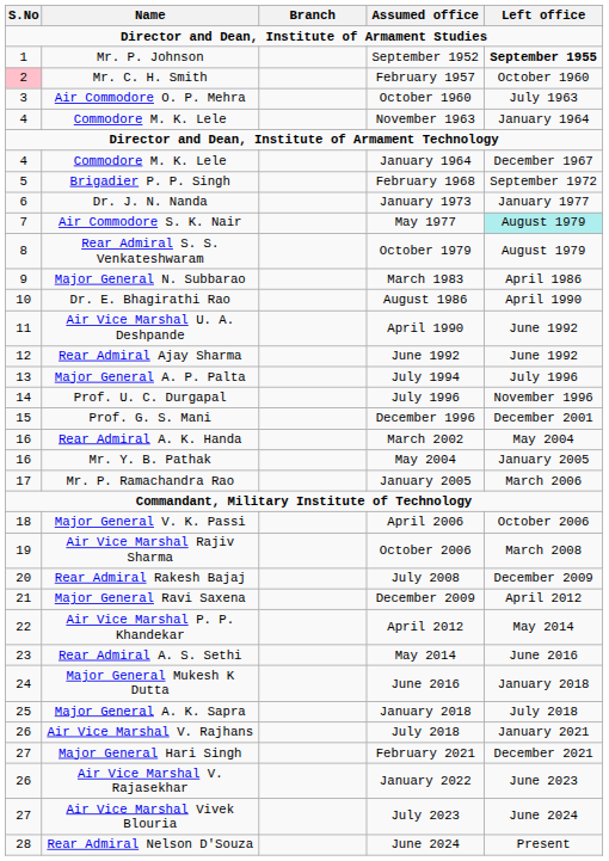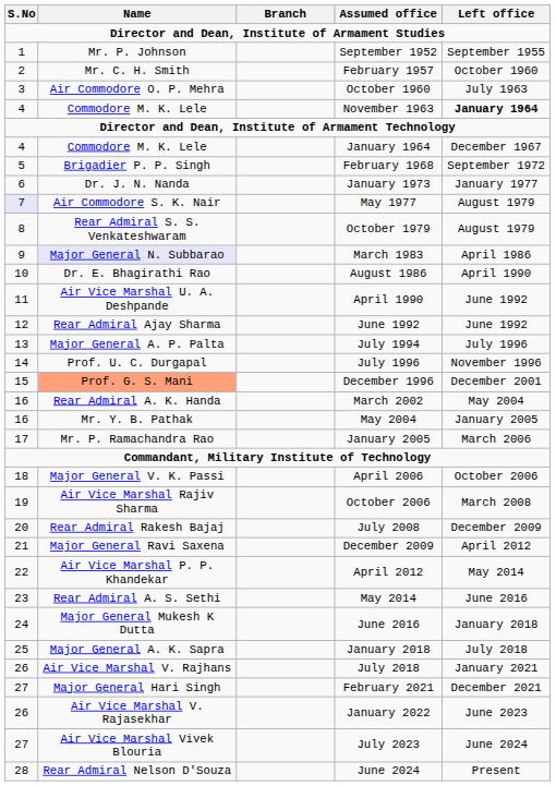 <table class="wikitable sortable" style="text-align:center">
 <tr style="background:#cccccc">
 <th scope="col" style="width: 20px;">S.No</th>
 <th scope="col" style="width: 300px;">Name</th>
 <th scope="col" style="width: 150px;">Branch</th>
 <th scope="col" style="width: 150px;">Assumed office</th>
 <th scope="col" style="width: 150px;">Left office</th>
 </tr>
 <tr>
 <td colspan="6"><strong>Director and Dean, Institute of Armament Studies</strong></td>
 </tr>
 <tr>
 <td>1</td>
 <td>Mr. P. Johnson </td>
 <td></td>
 <td>September 1952</td>
-<td><strong>September 1955</strong></td>
+<td>September 1955</td>
 </tr>
 <tr>
-<td style="background: pink;">2</td>
+<td>2</td>
 <td>Mr. C. H. Smith </td>
 <td></td>
 <td>February 1957</td>
 <td>October 1960</td>
 </tr>
 <tr>
 <td>3</td>
 <td><a href='#'>Air Commodore</a> O. P. Mehra</td>
 <td></td>
 <td>October 1960</td>
 <td>July 1963</td>
 </tr>
 <tr>
 <td>4</td>
 <td><a href='#'>Commodore</a> M. K. Lele</td>
 <td></td>
 <td>November 1963</td>
-<td>January 1964</td>
+<td><strong>January 1964</strong></td>
 </tr>
 <tr>
 <td colspan="6"><strong>Director and Dean, Institute of Armament Technology</strong></td>
 </tr>
 <tr>
 <td>4</td>
 <td><a href='#'>Commodore</a> M. K. Lele</td>
 <td></td>
 <td>January 1964</td>
 <td>December 1967</td>
 </tr>
 <tr>
 <td>5</td>
 <td><a href='#'>Brigadier</a> P. P. Singh </td>
 <td></td>
 <td>February 1968</td>
 <td>September 1972</td>
 </tr>
 <tr>
 <td>6</td>
 <td>Dr. J. N. Nanda</td>
 <td></td>
 <td>January 1973</td>
 <td>January 1977</td>
 </tr>
 <tr>
-<td>7</td>
+<td style="background: lavender;">7</td>
 <td><a href='#'>Air Commodore</a> S. K. Nair </td>
 <td></td>
 <td>May 1977</td>
-<td style="background: paleturquoise;">August 1979</td>
+<td>August 1979</td>
 </tr>
 <tr>
 <td>8</td>
 <td><a href='#'>Rear Admiral</a> S. S. Venkateshwaram</td>
 <td></td>
 <td>October 1979</td>
 <td>August 1979</td>
 </tr>
 <tr>
 <td>9</td>
-<td><a href='#'>Major General</a> N. Subbarao</td>
+<td style="background: lavender;"><a href='#'>Major General</a> N. Subbarao</td>
 <td></td>
 <td>March 1983</td>
 <td>April 1986</td>
 </tr>
 <tr>
 <td>10</td>
 <td>Dr. E. Bhagirathi Rao</td>
 <td></td>
 <td>August 1986</td>
 <td>April 1990</td>
 </tr>
 <tr>
 <td>11</td>
 <td><a href='#'>Air Vice Marshal</a> U. A. Deshpande</td>
 <td></td>
 <td>April 1990</td>
 <td>June 1992</td>
 </tr>
 <tr>
 <td>12</td>
 <td><a href='#'>Rear Admiral</a> Ajay Sharma </td>
 <td></td>
 <td>June 1992</td>
 <td>June 1992</td>
 </tr>
 <tr>
 <td>13</td>
 <td><a href='#'>Major General</a> A. P. Palta</td>
 <td></td>
 <td>July 1994</td>
 <td>July 1996</td>
 </tr>
 <tr>
 <td>14</td>
 <td>Prof. U. C. Durgapal</td>
 <td></td>
 <td>July 1996</td>
 <td>November 1996</td>
 </tr>
 <tr>
 <td>15</td>
-<td>Prof. G. S. Mani</td>
+<td style="background: lightsalmon;">Prof. G. S. Mani</td>
 <td></td>
 <td>December 1996</td>
 <td>December 2001</td>
 </tr>
 <tr>
 <td>16</td>
 <td><a href='#'>Rear Admiral</a> A. K. Handa </td>
 <td></td>
 <td>March 2002</td>
 <td>May 2004</td>
 </tr>
 <tr>
 <td>16</td>
 <td>Mr. Y. B. Pathak</td>
 <td></td>
 <td>May 2004</td>
 <td>January 2005</td>
 </tr>
 <tr>
 <td>17</td>
 <td>Mr. P. Ramachandra Rao</td>
 <td></td>
 <td>January 2005</td>
 <td>March 2006</td>
 </tr>
 <tr>
 <td colspan="6"><strong>Commandant, Military Institute of Technology</strong></td>
 </tr>
 <tr>
 <td>18</td>
 <td><a href='#'>Major General</a> V. K. Passi </td>
 <td></td>
 <td>April 2006</td>
 <td>October 2006</td>
 </tr>
 <tr>
 <td>19</td>
 <td><a href='#'>Air Vice Marshal</a> Rajiv Sharma </td>
 <td></td>
 <td>October 2006</td>
 <td>March 2008</td>
 </tr>
 <tr>
 <td>20</td>
 <td><a href='#'>Rear Admiral</a> Rakesh Bajaj </td>
 <td></td>
 <td>July 2008</td>
 <td>December 2009</td>
 </tr>
 <tr>
 <td>21</td>
 <td><a href='#'>Major General</a> Ravi Saxena</td>
 <td></td>
 <td>December 2009</td>
 <td>April 2012</td>
 </tr>
 <tr>
 <td>22</td>
 <td><a href='#'>Air Vice Marshal</a> P. P. Khandekar</td>
 <td></td>
 <td>April 2012</td>
 <td>May 2014</td>
 </tr>
 <tr>
 <td>23</td>
 <td><a href='#'>Rear Admiral</a> A. S. Sethi </td>
 <td></td>
 <td>May 2014</td>
 <td>June 2016</td>
 </tr>
 <tr>
 <td>24</td>
 <td><a href='#'>Major General</a> Mukesh K Dutta</td>
 <td></td>
 <td>June 2016</td>
 <td>January 2018</td>
 </tr>
 <tr>
 <td>25</td>
 <td><a href='#'>Major General</a> A. K. Sapra </td>
 <td></td>
 <td>January 2018</td>
 <td>July 2018</td>
 </tr>
 <tr>
 <td>26</td>
 <td><a href='#'>Air Vice Marshal</a> V. Rajhans </td>
 <td></td>
 <td>July 2018</td>
 <td>January 2021</td>
 </tr>
 <tr>
 <td>27</td>
 <td><a href='#'>Major General</a> Hari Singh </td>
 <td></td>
 <td>February 2021</td>
 <td>December 2021</td>
 </tr>
 <tr>
 <td>26</td>
 <td><a href='#'>Air Vice Marshal</a> V. Rajasekhar</td>
 <td></td>
 <td>January 2022</td>
 <td>June 2023</td>
 </tr>
 <tr>
 <td>27</td>
 <td><a href='#'>Air Vice Marshal</a> Vivek Blouria</td>
 <td></td>
 <td>July 2023</td>
 <td>June 2024</td>
 </tr>
 <tr>
 <td>28</td>
 <td><a href='#'>Rear Admiral</a> Nelson D'Souza </td>
 <td></td>
 <td>June 2024</td>
 <td>Present</td>
 </tr>
 </table>
